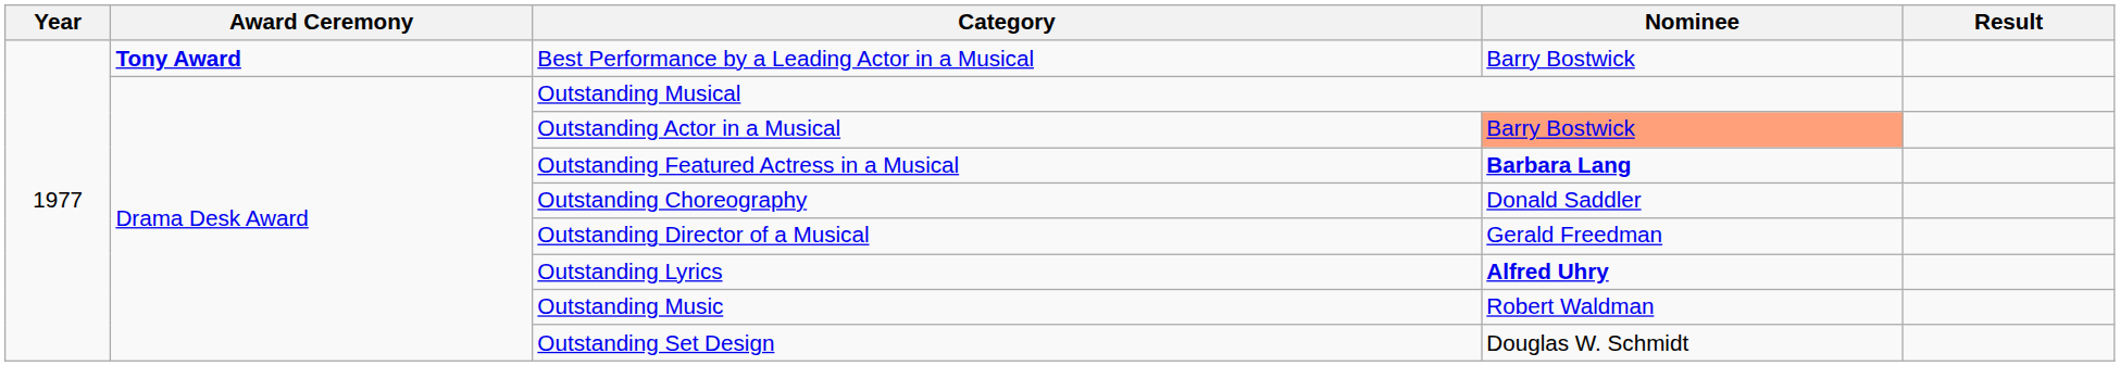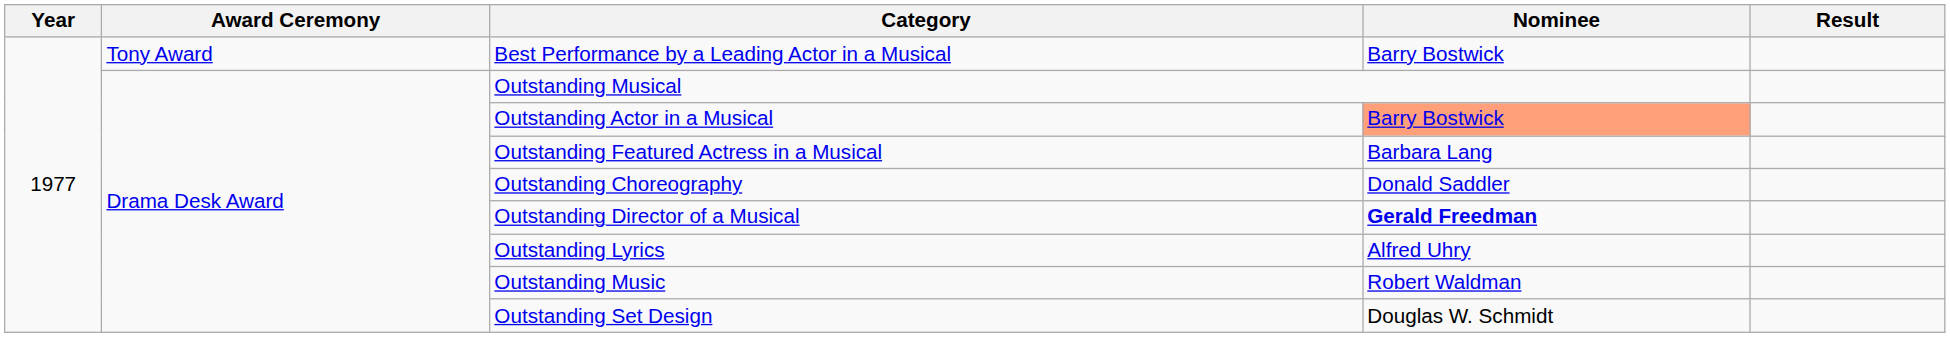 <table class="wikitable" width="95%">
 <tr>
 <th width="5%">Year</th>
 <th width="20%">Award Ceremony</th>
 <th width="45%">Category</th>
 <th width="20%">Nominee</th>
 <th width="10%">Result</th>
 </tr>
 <tr>
 <td rowspan="9" align="center">1977</td>
-<td><strong><a href='#'>Tony Award</a></strong></td>
+<td><a href='#'>Tony Award</a></td>
 <td><a href='#'>Best Performance by a Leading Actor in a Musical</a></td>
 <td><a href='#'>Barry Bostwick</a></td>
 <td></td>
 </tr>
 <tr>
 <td rowspan="8"><a href='#'>Drama Desk Award</a></td>
 <td colspan="2"><a href='#'>Outstanding Musical</a></td>
 <td></td>
 </tr>
 <tr>
 <td><a href='#'>Outstanding Actor in a Musical</a></td>
 <td style="background: lightsalmon;"><a href='#'>Barry Bostwick</a></td>
 <td></td>
 </tr>
 <tr>
 <td><a href='#'>Outstanding Featured Actress in a Musical</a></td>
-<td><strong><a href='#'>Barbara Lang</a></strong></td>
+<td><a href='#'>Barbara Lang</a></td>
 <td></td>
 </tr>
 <tr>
 <td><a href='#'>Outstanding Choreography</a></td>
 <td><a href='#'>Donald Saddler</a></td>
 <td></td>
 </tr>
 <tr>
 <td><a href='#'>Outstanding Director of a Musical</a></td>
-<td><a href='#'>Gerald Freedman</a></td>
+<td><strong><a href='#'>Gerald Freedman</a></strong></td>
 <td></td>
 </tr>
 <tr>
 <td><a href='#'>Outstanding Lyrics</a></td>
-<td><strong><a href='#'>Alfred Uhry</a></strong></td>
+<td><a href='#'>Alfred Uhry</a></td>
 <td></td>
 </tr>
 <tr>
 <td><a href='#'>Outstanding Music</a></td>
 <td><a href='#'>Robert Waldman</a></td>
 <td></td>
 </tr>
 <tr>
 <td><a href='#'>Outstanding Set Design</a></td>
 <td>Douglas W. Schmidt</td>
 <td></td>
 </tr>
 </table>
